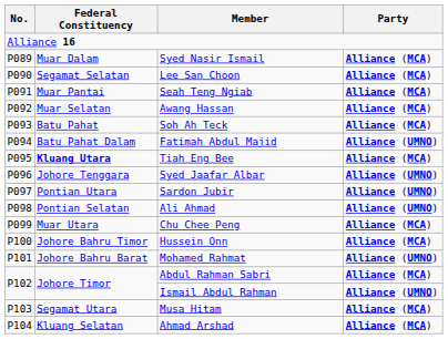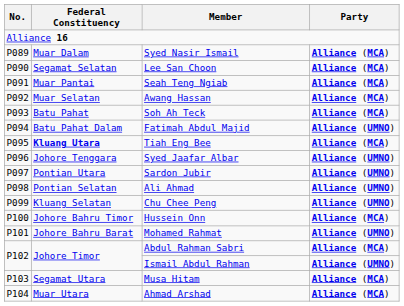 <table class="wikitable sortable">
 <tr>
 <th style="width:30px;">No.</th>
 <th style="width:150px;">Federal Constituency</th>
 <th style="width:230px;">Member</th>
 <th style="width:120px;">Party</th>
 </tr>
 <tr>
 <td colspan="4"><a href='#'>Alliance</a> <strong>16</strong></td>
 </tr>
 <tr>
 <td>P089</td>
 <td><a href='#'>Muar Dalam</a></td>
 <td><a href='#'>Syed Nasir Ismail</a></td>
 <td><strong><a href='#'>Alliance</a></strong> (<strong><a href='#'>MCA</a></strong>)</td>
 </tr>
 <tr>
 <td>P090</td>
 <td><a href='#'>Segamat Selatan</a></td>
 <td><a href='#'>Lee San Choon</a></td>
 <td><strong><a href='#'>Alliance</a></strong> (<strong><a href='#'>MCA</a></strong>)</td>
 </tr>
 <tr>
 <td>P091</td>
 <td><a href='#'>Muar Pantai</a></td>
 <td><a href='#'>Seah Teng Ngiab</a></td>
 <td><strong><a href='#'>Alliance</a></strong> (<strong><a href='#'>MCA</a></strong>)</td>
 </tr>
 <tr>
 <td>P092</td>
 <td><a href='#'>Muar Selatan</a></td>
 <td><a href='#'>Awang Hassan</a></td>
 <td><strong><a href='#'>Alliance</a></strong> (<strong><a href='#'>MCA</a></strong>)</td>
 </tr>
 <tr>
 <td>P093</td>
 <td><a href='#'>Batu Pahat</a></td>
 <td><a href='#'>Soh Ah Teck</a></td>
 <td><strong><a href='#'>Alliance</a></strong> (<strong><a href='#'>MCA</a></strong>)</td>
 </tr>
 <tr>
 <td>P094</td>
 <td><a href='#'>Batu Pahat Dalam</a></td>
 <td><a href='#'>Fatimah Abdul Majid</a></td>
 <td><strong><a href='#'>Alliance</a></strong> (<strong><a href='#'>UMNO</a></strong>)</td>
 </tr>
 <tr>
 <td>P095</td>
 <td><strong><a href='#'>Kluang Utara</a></strong></td>
 <td><a href='#'>Tiah Eng Bee</a></td>
 <td><strong><a href='#'>Alliance</a></strong> (<strong><a href='#'>MCA</a></strong>)</td>
 </tr>
 <tr>
 <td>P096</td>
 <td><a href='#'>Johore Tenggara</a></td>
 <td><a href='#'>Syed Jaafar Albar</a></td>
 <td><strong><a href='#'>Alliance</a></strong> (<strong><a href='#'>UMNO</a></strong>)</td>
 </tr>
 <tr>
 <td>P097</td>
 <td><a href='#'>Pontian Utara</a></td>
 <td><a href='#'>Sardon Jubir</a></td>
 <td><strong><a href='#'>Alliance</a></strong> (<strong><a href='#'>UMNO</a></strong>)</td>
 </tr>
 <tr>
 <td>P098</td>
 <td><a href='#'>Pontian Selatan</a></td>
 <td><a href='#'>Ali Ahmad</a></td>
 <td><strong><a href='#'>Alliance</a></strong> (<strong><a href='#'>UMNO</a></strong>)</td>
 </tr>
 <tr>
 <td>P099</td>
-<td><a href='#'>Muar Utara</a></td>
+<td><a href='#'>Kluang Selatan</a></td>
 <td><a href='#'>Chu Chee Peng</a></td>
-<td><strong><a href='#'>Alliance</a></strong> (<strong><a href='#'>MCA</a></strong>)</td>
+<td><strong><a href='#'>Alliance</a></strong> (<strong><a href='#'>UMNO</a></strong>)</td>
 </tr>
 <tr>
 <td>P100</td>
 <td><a href='#'>Johore Bahru Timor</a></td>
 <td><a href='#'>Hussein Onn</a></td>
 <td><strong><a href='#'>Alliance</a></strong> (<strong><a href='#'>MCA</a></strong>)</td>
 </tr>
 <tr>
 <td>P101</td>
 <td><a href='#'>Johore Bahru Barat</a></td>
 <td><a href='#'>Mohamed Rahmat</a></td>
 <td><strong><a href='#'>Alliance</a></strong> (<strong><a href='#'>UMNO</a></strong>)</td>
 </tr>
 <tr>
 <td rowspan=2>P102</td>
 <td rowspan=2><a href='#'>Johore Timor</a></td>
 <td><a href='#'>Abdul Rahman Sabri</a> </td>
 <td><strong><a href='#'>Alliance</a></strong> (<strong><a href='#'>MCA</a></strong>)</td>
 </tr>
 <tr>
 <td><a href='#'>Ismail Abdul Rahman</a> </td>
 <td><strong><a href='#'>Alliance</a></strong> (<strong><a href='#'>UMNO</a></strong>)</td>
 </tr>
 <tr>
 <td>P103</td>
 <td><a href='#'>Segamat Utara</a></td>
 <td><a href='#'>Musa Hitam</a></td>
 <td><strong><a href='#'>Alliance</a></strong> (<strong><a href='#'>MCA</a></strong>)</td>
 </tr>
 <tr>
 <td>P104</td>
-<td><a href='#'>Kluang Selatan</a></td>
+<td><a href='#'>Muar Utara</a></td>
 <td><a href='#'>Ahmad Arshad</a></td>
 <td><strong><a href='#'>Alliance</a></strong> (<strong><a href='#'>MCA</a></strong>)</td>
 </tr>
 </table>
